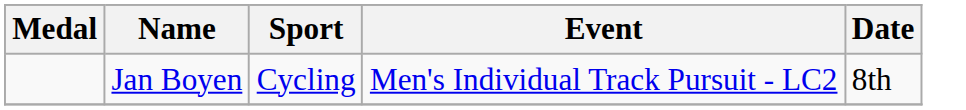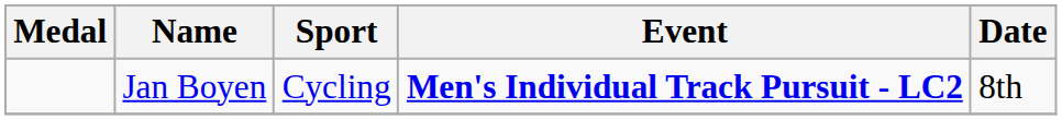 <table class="wikitable sortable">
 <tr>
 <th>Medal</th>
 <th>Name</th>
 <th>Sport</th>
 <th>Event</th>
 <th>Date</th>
 </tr>
 <tr>
 <td></td>
 <td><a href='#'>Jan Boyen</a></td>
 <td><a href='#'>Cycling</a></td>
-<td><a href='#'>Men's Individual Track Pursuit - LC2</a></td>
+<td><strong><a href='#'>Men's Individual Track Pursuit - LC2</a></strong></td>
 <td>8th</td>
 </tr>
 <tr>
 </tr>
 </table>
